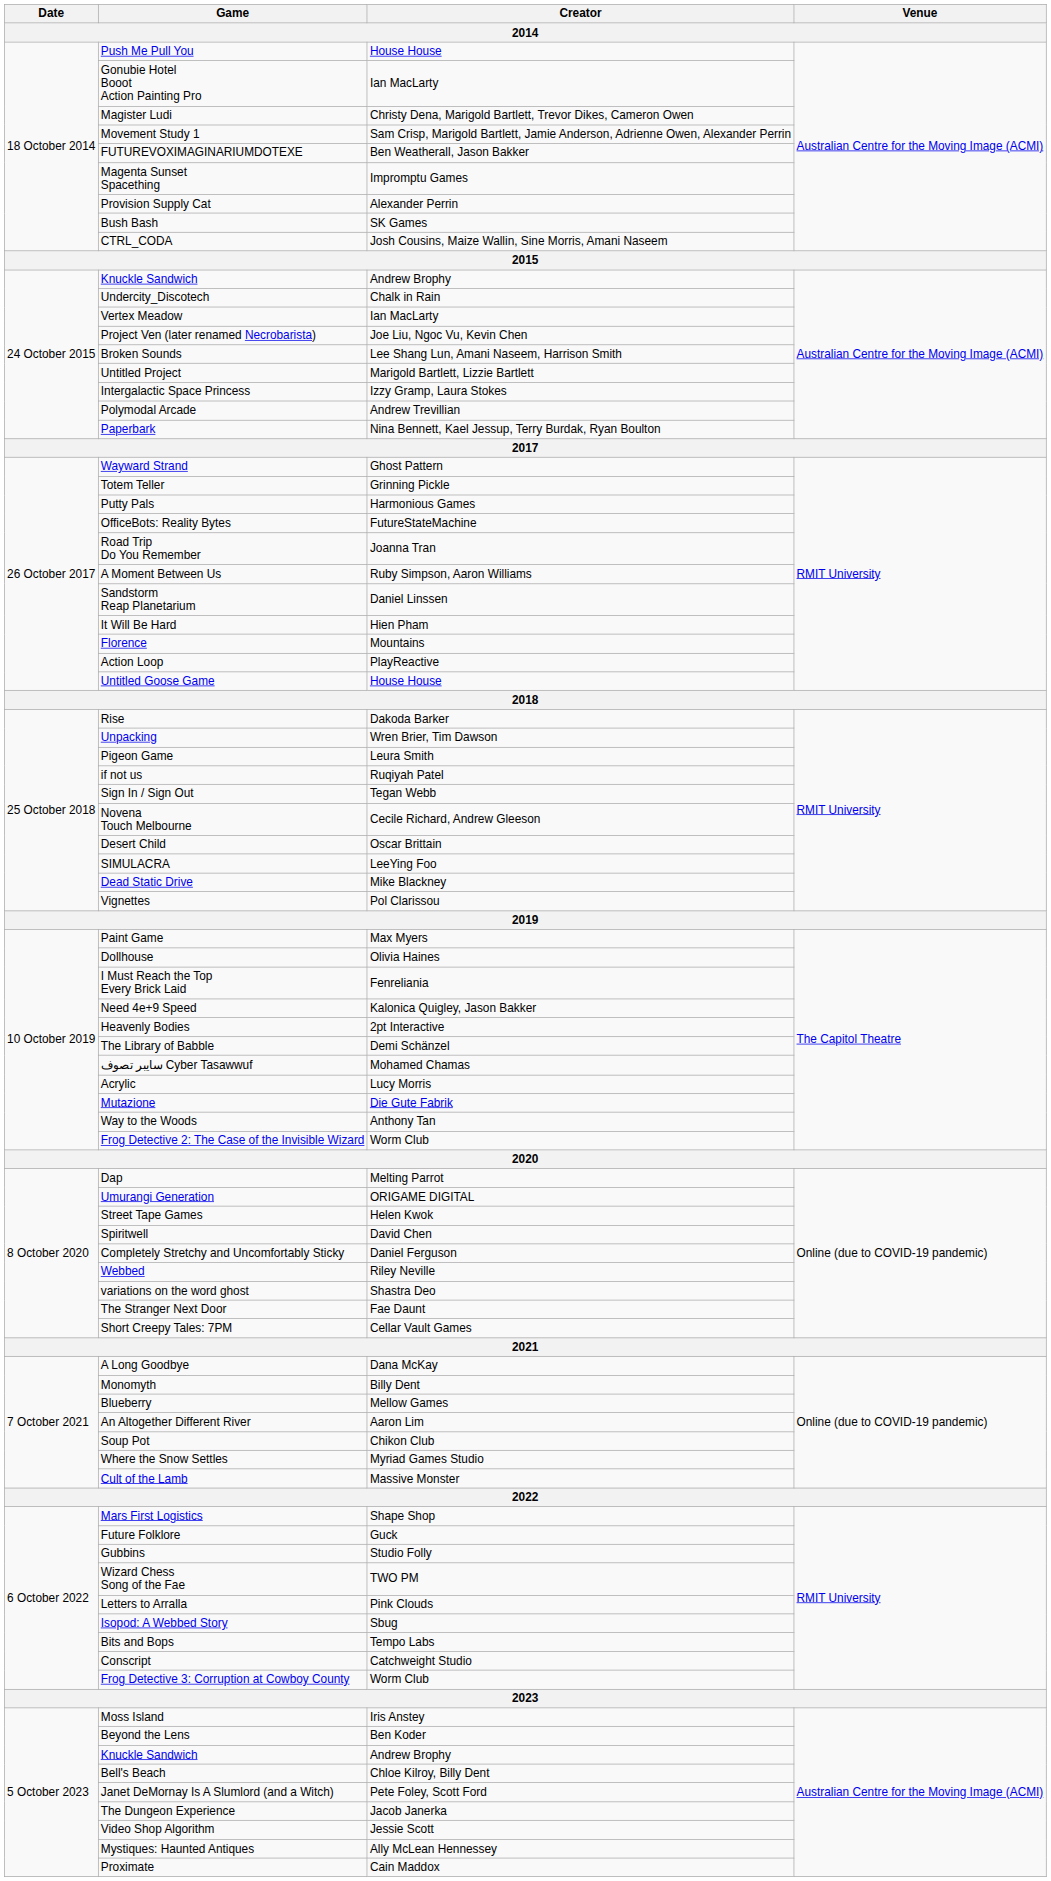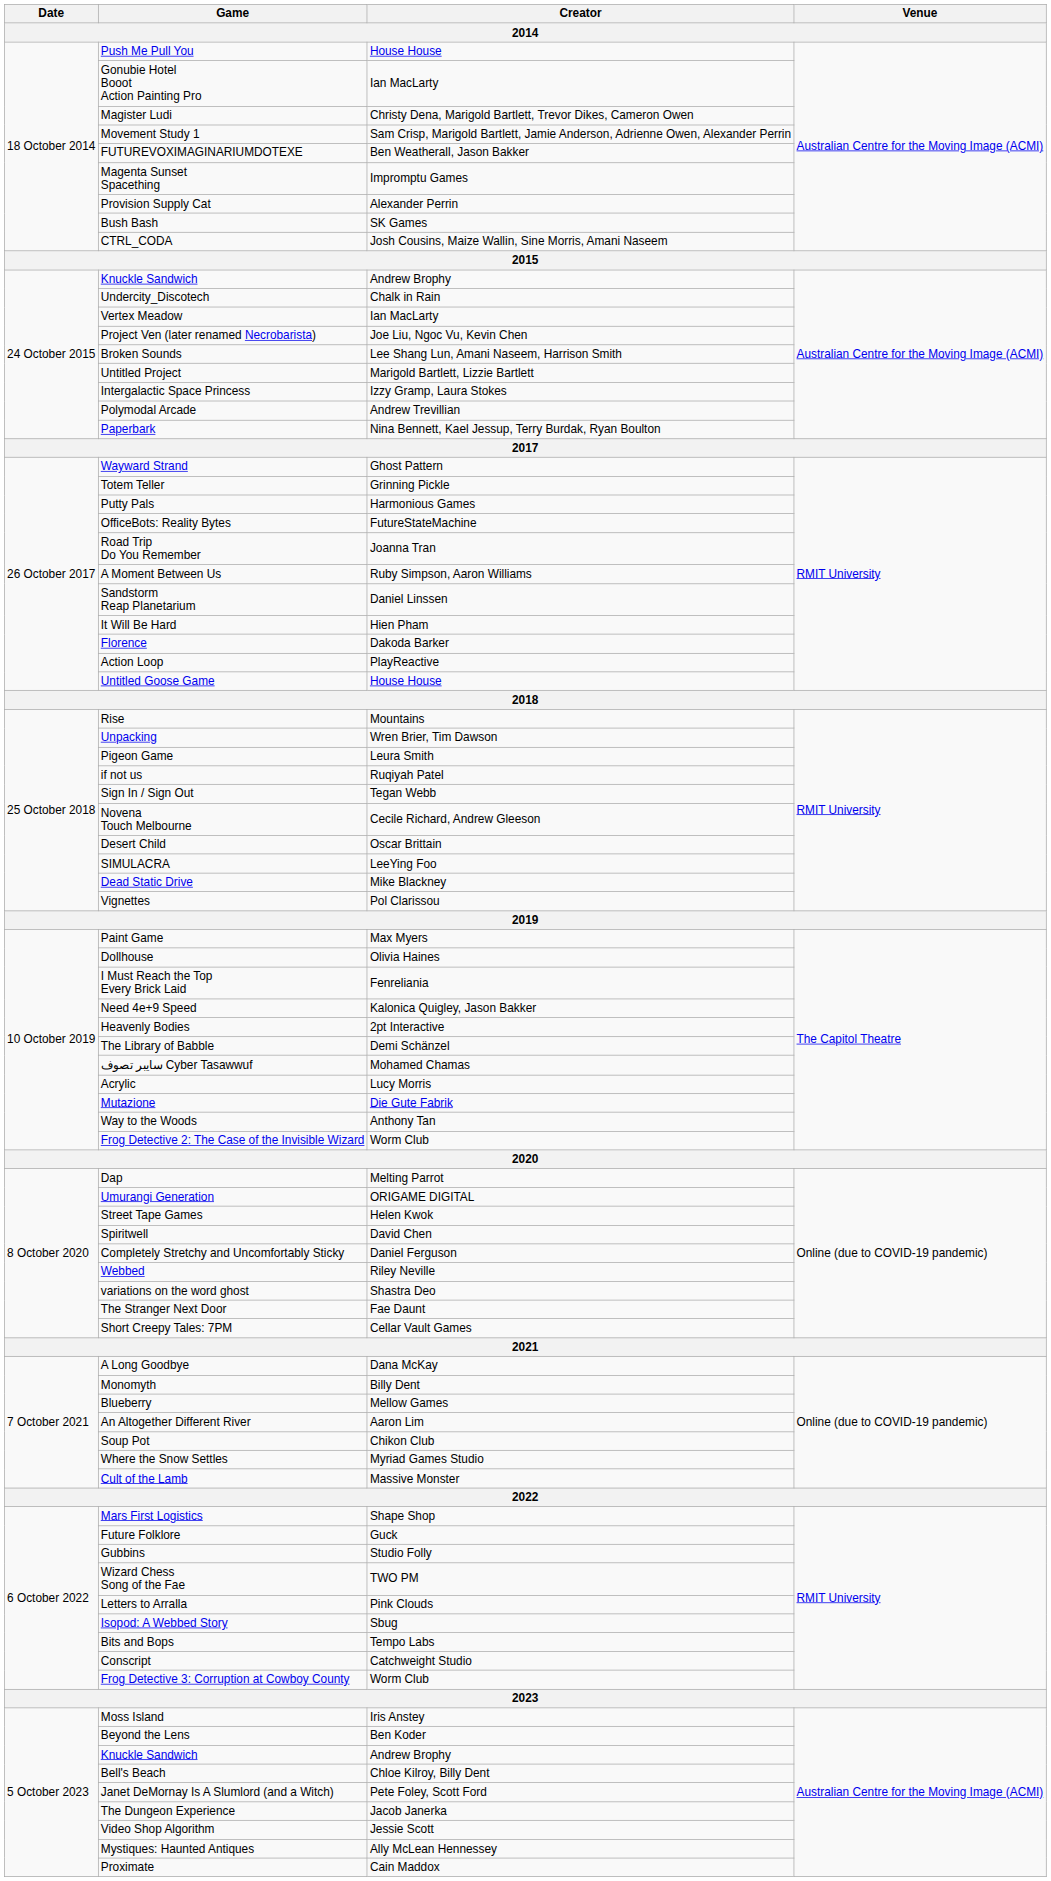 <table class="wikitable">
 <tr>
 <th>Date</th>
 <th>Game</th>
 <th>Creator</th>
 <th>Venue</th>
 </tr>
 <tr>
 <th colspan="4"><strong>2014</strong></th>
 </tr>
 <tr>
 <td rowspan="9">18 October 2014</td>
 <td><a href='#'>Push Me Pull You</a></td>
 <td><a href='#'>House House</a></td>
 <td rowspan="9"><a href='#'>Australian Centre for the Moving Image (ACMI)</a></td>
 </tr>
 <tr>
 <td>Gonubie Hotel<br>Booot<br> Action Painting Pro</td>
 <td>Ian MacLarty</td>
 </tr>
 <tr>
 <td>Magister Ludi</td>
 <td>Christy Dena, Marigold Bartlett, Trevor Dikes, Cameron Owen</td>
 </tr>
 <tr>
 <td>Movement Study 1</td>
 <td>Sam Crisp, Marigold Bartlett, Jamie Anderson, Adrienne Owen, Alexander Perrin</td>
 </tr>
 <tr>
 <td>FUTUREVOXIMAGINARIUMDOTEXE</td>
 <td>Ben Weatherall, Jason Bakker</td>
 </tr>
 <tr>
 <td>Magenta Sunset<br>Spacething</td>
 <td>Impromptu Games</td>
 </tr>
 <tr>
 <td>Provision Supply Cat</td>
 <td>Alexander Perrin</td>
 </tr>
 <tr>
 <td>Bush Bash</td>
 <td>SK Games</td>
 </tr>
 <tr>
 <td>CTRL_CODA</td>
 <td>Josh Cousins, Maize Wallin, Sine Morris, Amani Naseem</td>
 </tr>
 <tr>
 <th colspan="4"><strong>2015</strong></th>
 </tr>
 <tr>
 <td rowspan="9">24 October 2015</td>
 <td><a href='#'>Knuckle Sandwich</a></td>
 <td>Andrew Brophy</td>
 <td rowspan="9"><a href='#'>Australian Centre for the Moving Image (ACMI)</a></td>
 </tr>
 <tr>
 <td>Undercity_Discotech</td>
 <td>Chalk in Rain</td>
 </tr>
 <tr>
 <td>Vertex Meadow</td>
 <td>Ian MacLarty</td>
 </tr>
 <tr>
 <td>Project Ven (later renamed <a href='#'>Necrobarista</a>)</td>
 <td>Joe Liu, Ngoc Vu, Kevin Chen</td>
 </tr>
 <tr>
 <td>Broken Sounds</td>
 <td>Lee Shang Lun, Amani Naseem, Harrison Smith</td>
 </tr>
 <tr>
 <td>Untitled Project</td>
 <td>Marigold Bartlett, Lizzie Bartlett</td>
 </tr>
 <tr>
 <td>Intergalactic Space Princess</td>
 <td>Izzy Gramp, Laura Stokes</td>
 </tr>
 <tr>
 <td>Polymodal Arcade</td>
 <td>Andrew Trevillian</td>
 </tr>
 <tr>
 <td><a href='#'>Paperbark</a></td>
 <td>Nina Bennett, Kael Jessup, Terry Burdak, Ryan Boulton</td>
 </tr>
 <tr>
 <th colspan="4"><strong>2017</strong></th>
 </tr>
 <tr>
 <td rowspan="11">26 October 2017</td>
 <td><a href='#'>Wayward Strand</a></td>
 <td>Ghost Pattern</td>
 <td rowspan="11"><a href='#'>RMIT University</a></td>
 </tr>
 <tr>
 <td>Totem Teller</td>
 <td>Grinning Pickle</td>
 </tr>
 <tr>
 <td>Putty Pals</td>
 <td>Harmonious Games</td>
 </tr>
 <tr>
 <td>OfficeBots: Reality Bytes</td>
 <td>FutureStateMachine</td>
 </tr>
 <tr>
 <td>Road Trip<br>Do You Remember</td>
 <td>Joanna Tran</td>
 </tr>
 <tr>
 <td>A Moment Between Us</td>
 <td>Ruby Simpson, Aaron Williams</td>
 </tr>
 <tr>
 <td>Sandstorm<br>Reap Planetarium</td>
 <td>Daniel Linssen</td>
 </tr>
 <tr>
 <td>It Will Be Hard</td>
 <td>Hien Pham</td>
 </tr>
 <tr>
 <td><a href='#'>Florence</a></td>
-<td>Mountains</td>
+<td>Dakoda Barker</td>
 </tr>
 <tr>
 <td>Action Loop</td>
 <td>PlayReactive</td>
 </tr>
 <tr>
 <td><a href='#'>Untitled Goose Game</a></td>
 <td><a href='#'>House House</a></td>
 </tr>
 <tr>
 <th colspan="4"><strong>2018</strong></th>
 </tr>
 <tr>
 <td rowspan="10">25 October 2018</td>
 <td>Rise</td>
-<td>Dakoda Barker</td>
+<td>Mountains</td>
 <td rowspan="10"><a href='#'>RMIT University</a></td>
 </tr>
 <tr>
 <td><a href='#'>Unpacking</a></td>
 <td>Wren Brier, Tim Dawson</td>
 </tr>
 <tr>
 <td>Pigeon Game</td>
 <td>Leura Smith</td>
 </tr>
 <tr>
 <td>if not us</td>
 <td>Ruqiyah Patel</td>
 </tr>
 <tr>
 <td>Sign In / Sign Out</td>
 <td>Tegan Webb</td>
 </tr>
 <tr>
 <td>Novena<br>Touch Melbourne</td>
 <td>Cecile Richard, Andrew Gleeson</td>
 </tr>
 <tr>
 <td>Desert Child</td>
 <td>Oscar Brittain</td>
 </tr>
 <tr>
 <td>SIMULACRA</td>
 <td>LeeYing Foo</td>
 </tr>
 <tr>
 <td><a href='#'>Dead Static Drive</a></td>
 <td>Mike Blackney</td>
 </tr>
 <tr>
 <td>Vignettes</td>
 <td>Pol Clarissou</td>
 </tr>
 <tr>
 <th colspan="4"><strong>2019</strong></th>
 </tr>
 <tr>
 <td rowspan="11">10 October 2019</td>
 <td>Paint Game</td>
 <td>Max Myers</td>
 <td rowspan="11"><a href='#'>The Capitol Theatre</a></td>
 </tr>
 <tr>
 <td>Dollhouse</td>
 <td>Olivia Haines</td>
 </tr>
 <tr>
 <td>I Must Reach the Top<br>Every Brick Laid</td>
 <td>Fenreliania</td>
 </tr>
 <tr>
 <td>Need 4e+9 Speed</td>
 <td>Kalonica Quigley, Jason Bakker</td>
 </tr>
 <tr>
 <td>Heavenly Bodies</td>
 <td>2pt Interactive</td>
 </tr>
 <tr>
 <td>The Library of Babble</td>
 <td>Demi Schänzel</td>
 </tr>
 <tr>
 <td>سايبر تصوف Cyber Tasawwuf</td>
 <td>Mohamed Chamas</td>
 </tr>
 <tr>
 <td>Acrylic</td>
 <td>Lucy Morris</td>
 </tr>
 <tr>
 <td><a href='#'>Mutazione</a></td>
 <td><a href='#'>Die Gute Fabrik</a></td>
 </tr>
 <tr>
 <td>Way to the Woods</td>
 <td>Anthony Tan</td>
 </tr>
 <tr>
 <td><a href='#'>Frog Detective 2: The Case of the Invisible Wizard</a></td>
 <td>Worm Club</td>
 </tr>
 <tr>
 <th colspan="4"><strong>2020</strong></th>
 </tr>
 <tr>
 <td rowspan="9">8 October 2020</td>
 <td>Dap</td>
 <td>Melting Parrot</td>
 <td rowspan="9">Online (due to COVID-19 pandemic)</td>
 </tr>
 <tr>
 <td><a href='#'>Umurangi Generation</a></td>
 <td>ORIGAME DIGITAL</td>
 </tr>
 <tr>
 <td>Street Tape Games</td>
 <td>Helen Kwok</td>
 </tr>
 <tr>
 <td>Spiritwell</td>
 <td>David Chen</td>
 </tr>
 <tr>
 <td>Completely Stretchy and Uncomfortably Sticky</td>
 <td>Daniel Ferguson</td>
 </tr>
 <tr>
 <td><a href='#'>Webbed</a></td>
 <td>Riley Neville</td>
 </tr>
 <tr>
 <td>variations on the word ghost</td>
 <td>Shastra Deo</td>
 </tr>
 <tr>
 <td>The Stranger Next Door</td>
 <td>Fae Daunt</td>
 </tr>
 <tr>
 <td>Short Creepy Tales: 7PM</td>
 <td>Cellar Vault Games</td>
 </tr>
 <tr>
 <th colspan="4"><strong>2021</strong></th>
 </tr>
 <tr>
 <td rowspan="7">7 October 2021</td>
 <td>A Long Goodbye</td>
 <td>Dana McKay</td>
 <td rowspan="7">Online (due to COVID-19 pandemic)</td>
 </tr>
 <tr>
 <td>Monomyth</td>
 <td>Billy Dent</td>
 </tr>
 <tr>
 <td>Blueberry</td>
 <td>Mellow Games</td>
 </tr>
 <tr>
 <td>An Altogether Different River</td>
 <td>Aaron Lim</td>
 </tr>
 <tr>
 <td>Soup Pot</td>
 <td>Chikon Club</td>
 </tr>
 <tr>
 <td>Where the Snow Settles</td>
 <td>Myriad Games Studio</td>
 </tr>
 <tr>
 <td><a href='#'>Cult of the Lamb</a></td>
 <td>Massive Monster</td>
 </tr>
 <tr>
 <th colspan="4"><strong>2022</strong></th>
 </tr>
 <tr>
 <td rowspan="9">6 October 2022</td>
 <td><a href='#'>Mars First Logistics</a></td>
 <td>Shape Shop</td>
 <td rowspan="9"><a href='#'>RMIT University</a></td>
 </tr>
 <tr>
 <td>Future Folklore</td>
 <td>Guck</td>
 </tr>
 <tr>
 <td>Gubbins</td>
 <td>Studio Folly</td>
 </tr>
 <tr>
 <td>Wizard Chess<br>Song of the Fae</td>
 <td>TWO PM</td>
 </tr>
 <tr>
 <td>Letters to Arralla</td>
 <td>Pink Clouds</td>
 </tr>
 <tr>
 <td><a href='#'>Isopod: A Webbed Story</a></td>
 <td>Sbug</td>
 </tr>
 <tr>
 <td>Bits and Bops</td>
 <td>Tempo Labs</td>
 </tr>
 <tr>
 <td>Conscript</td>
 <td>Catchweight Studio</td>
 </tr>
 <tr>
 <td><a href='#'>Frog Detective 3: Corruption at Cowboy County</a></td>
 <td>Worm Club</td>
 </tr>
 <tr>
 <th colspan="4"><strong>2023</strong></th>
 </tr>
 <tr>
 <td rowspan="9">5 October 2023</td>
 <td>Moss Island</td>
 <td>Iris Anstey</td>
 <td rowspan="9"><a href='#'>Australian Centre for the Moving Image (ACMI)</a></td>
 </tr>
 <tr>
 <td>Beyond the Lens</td>
 <td>Ben Koder</td>
 </tr>
 <tr>
 <td><a href='#'>Knuckle Sandwich</a></td>
 <td>Andrew Brophy</td>
 </tr>
 <tr>
 <td>Bell's Beach</td>
 <td>Chloe Kilroy, Billy Dent</td>
 </tr>
 <tr>
 <td>Janet DeMornay Is A Slumlord (and a Witch)</td>
 <td>Pete Foley, Scott Ford</td>
 </tr>
 <tr>
 <td>The Dungeon Experience</td>
 <td>Jacob Janerka</td>
 </tr>
 <tr>
 <td>Video Shop Algorithm</td>
 <td>Jessie Scott</td>
 </tr>
 <tr>
 <td>Mystiques: Haunted Antiques</td>
 <td>Ally McLean Hennessey</td>
 </tr>
 <tr>
 <td>Proximate</td>
 <td>Cain Maddox</td>
 </tr>
 </table>
